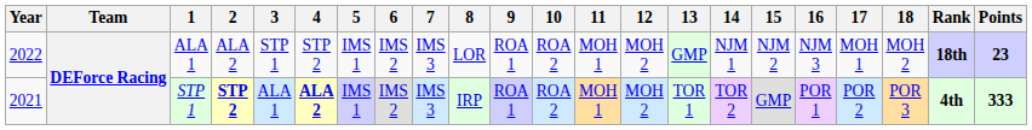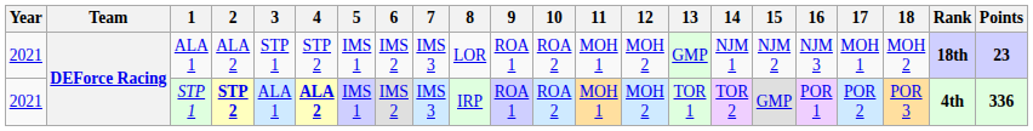 <table class="wikitable" style="text-align:center; font-size:85%">
 <tr>
 <th>Year</th>
 <th>Team</th>
 <th>1</th>
 <th>2</th>
 <th>3</th>
 <th>4</th>
 <th>5</th>
 <th>6</th>
 <th>7</th>
 <th>8</th>
 <th>9</th>
 <th>10</th>
 <th>11</th>
 <th>12</th>
 <th>13</th>
 <th>14</th>
 <th>15</th>
 <th>16</th>
 <th>17</th>
 <th>18</th>
 <th>Rank</th>
 <th>Points</th>
 </tr>
 <tr>
-<td><a href='#'>2022</a></td>
+<td><a href='#'>2021</a></td>
 <th rowspan=2nowrap><a href='#'>DEForce Racing</a></th>
 <td style="background:#;"><a href='#'>ALA<br>1</a><br></td>
 <td style="background:#;"><a href='#'>ALA<br>2</a><br></td>
 <td style="background:#;"><a href='#'>STP<br>1</a><br></td>
 <td style="background:#;"><a href='#'>STP<br>2</a><br></td>
 <td style="background:#;"><a href='#'>IMS<br>1</a><br></td>
 <td style="background:#;"><a href='#'>IMS<br>2</a><br></td>
 <td style="background:#;"><a href='#'>IMS<br>3</a><br></td>
 <td style="background:#;"><a href='#'>LOR</a><br></td>
 <td style="background:#;"><a href='#'>ROA<br>1</a><br></td>
 <td style="background:#;"><a href='#'>ROA<br>2</a><br></td>
 <td style="background:#;"><a href='#'>MOH<br>1</a><br></td>
 <td style="background:#;"><a href='#'>MOH<br>2</a><br></td>
 <td style="background:#DFFFDF;"><a href='#'>GMP</a><br></td>
 <td style="background:#;"><a href='#'>NJM<br>1</a><br></td>
 <td style="background:#;"><a href='#'>NJM<br>2</a><br></td>
 <td style="background:#;"><a href='#'>NJM<br>3</a><br></td>
 <td style="background:#;"><a href='#'>MOH<br>1</a><br></td>
 <td style="background:#;"><a href='#'>MOH<br>2</a><br></td>
 <th style="background:#CFCFFF;">18th</th>
 <th style="background:#CFCFFF;">23</th>
 </tr>
 <tr>
 <td><a href='#'>2021</a></td>
 <td style="background:#DFFFDF;"><em><a href='#'>STP<br>1</a></em><br></td>
 <td style="background:#FFFFBF;"><strong><a href='#'>STP<br>2</a></strong><br></td>
 <td style="background:#CFEAFF;"><a href='#'>ALA<br>1</a><br></td>
 <td style="background:#FFFFBF;"><strong><a href='#'>ALA<br>2</a></strong><br></td>
 <td style="background:#CFCFFF;"><a href='#'>IMS<br>1</a><br></td>
 <td style="background:#DFDFDF;"><a href='#'>IMS<br>2</a><br></td>
 <td style="background:#CFEAFF;"><a href='#'>IMS<br>3</a><br></td>
 <td style="background:#DFFFDF;"><a href='#'>IRP</a><br></td>
 <td style="background:#CFCFFF;"><a href='#'>ROA<br>1</a><br></td>
 <td style="background:#CFEAFF;"><a href='#'>ROA<br>2</a><br></td>
 <td style="background:#FFDF9F;"><a href='#'>MOH<br>1</a><br></td>
 <td style="background:#CFEAFF;"><a href='#'>MOH<br>2</a><br></td>
 <td style="background:#DFFFDF;"><a href='#'>TOR<br>1</a><br></td>
 <td style="background:#EFCFFF;"><a href='#'>TOR<br>2</a><br></td>
 <td style="background:#DFDFDF;"><a href='#'>GMP</a><br></td>
 <td style="background:#EFCFFF;"><a href='#'>POR<br>1</a><br></td>
 <td style="background:#CFEAFF;"><a href='#'>POR<br>2</a><br></td>
 <td style="background:#FFDF9F;"><a href='#'>POR<br>3</a><br></td>
 <th style="background:#DFFFDF;">4th</th>
-<th style="background:#DFFFDF;">333</th>
+<th style="background:#DFFFDF;">336</th>
 </tr>
 </table>
